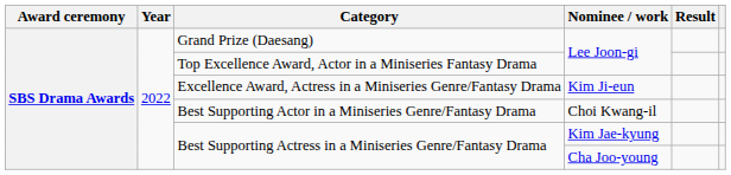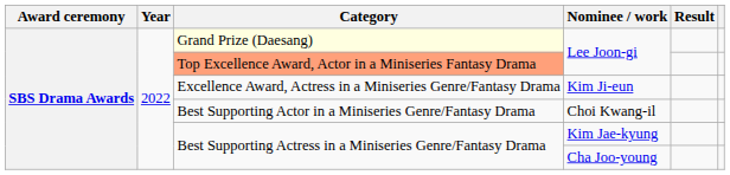 <table class="wikitable plainrowheaders sortable">
 <tr>
 <th scope="col">Award ceremony</th>
 <th scope="col">Year</th>
 <th scope="col">Category</th>
 <th scope="col">Nominee / work</th>
 <th scope="col">Result</th>
 <th scope="col" class="unsortable"></th>
 </tr>
 <tr>
 <th scope="row" rowspan="6"><a href='#'>SBS Drama Awards</a></th>
 <td rowspan="6" style="text-align:center"><a href='#'>2022</a></td>
-<td>Grand Prize (Daesang)</td>
+<td style="background: lightyellow;">Grand Prize (Daesang)</td>
 <td rowspan="2"><a href='#'>Lee Joon-gi</a></td>
 <td></td>
 <td style="text-align:center"></td>
 </tr>
 <tr>
-<td>Top Excellence Award, Actor in a Miniseries Fantasy Drama</td>
+<td style="background: lightsalmon;">Top Excellence Award, Actor in a Miniseries Fantasy Drama</td>
 <td></td>
 <td style="text-align:center"></td>
 </tr>
 <tr>
 <td>Excellence Award, Actress in a Miniseries Genre/Fantasy Drama</td>
 <td><a href='#'>Kim Ji-eun</a></td>
 <td></td>
 <td style="text-align:center"></td>
 </tr>
 <tr>
 <td>Best Supporting Actor in a Miniseries Genre/Fantasy Drama</td>
 <td>Choi Kwang-il</td>
 <td></td>
 <td style="text-align:center"></td>
 </tr>
 <tr>
 <td rowspan="2">Best Supporting Actress in a Miniseries Genre/Fantasy Drama</td>
 <td><a href='#'>Kim Jae-kyung</a></td>
 <td></td>
 <td style="text-align:center"></td>
 </tr>
 <tr>
 <td><a href='#'>Cha Joo-young</a></td>
 <td></td>
 <td style="text-align:center"></td>
 </tr>
 </table>
